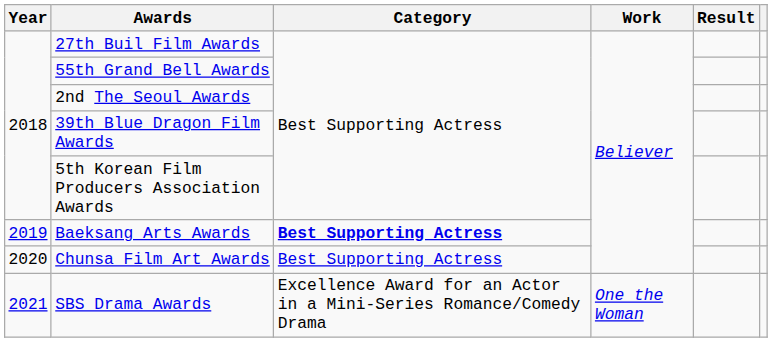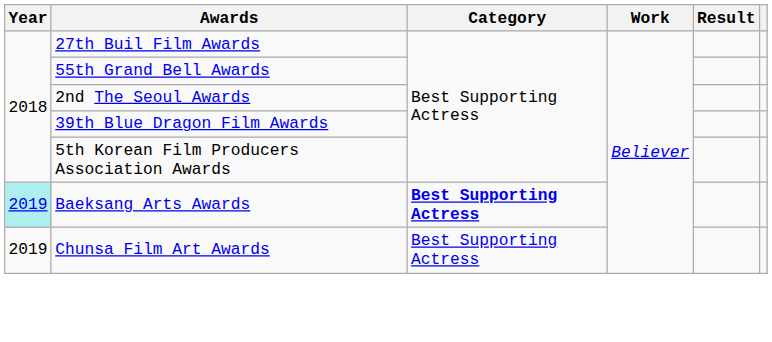 <table class="wikitable">
 <tr>
 <th>Year</th>
 <th>Awards</th>
 <th>Category</th>
 <th>Work</th>
 <th>Result</th>
 <th class="unsortable"></th>
 </tr>
 <tr>
 <td rowspan=5>2018</td>
 <td><a href='#'>27th Buil Film Awards</a></td>
 <td rowspan=5>Best Supporting Actress</td>
 <td rowspan=7><em><a href='#'>Believer</a></em></td>
 <td></td>
 <td></td>
 </tr>
 <tr>
 <td><a href='#'>55th Grand Bell Awards</a></td>
 <td></td>
 <td></td>
 </tr>
 <tr>
 <td>2nd <a href='#'>The Seoul Awards</a></td>
 <td></td>
 <td></td>
 </tr>
 <tr>
 <td><a href='#'>39th Blue Dragon Film Awards</a></td>
 <td></td>
 <td></td>
 </tr>
 <tr>
 <td>5th Korean Film Producers Association Awards</td>
 <td></td>
 <td></td>
 </tr>
 <tr>
-<td><a href='#'>2019</a></td>
+<td style="background: paleturquoise;"><a href='#'>2019</a></td>
 <td><a href='#'>Baeksang Arts Awards</a></td>
 <td><strong><a href='#'>Best Supporting Actress</a></strong></td>
 <td></td>
 <td></td>
 </tr>
 <tr>
-<td>2020</td>
+<td>2019</td>
 <td><a href='#'>Chunsa Film Art Awards</a></td>
 <td><a href='#'>Best Supporting Actress</a></td>
 <td></td>
 <td></td>
 </tr>
-<tr>
-<td><a href='#'>2021</a></td>
-<td><a href='#'>SBS Drama Awards</a></td>
-<td>Excellence Award for an Actor in a Mini-Series Romance/Comedy Drama</td>
-<td><em><a href='#'>One the Woman</a></em></td>
-<td></td>
-<td></td>
-</tr>
 </table>
